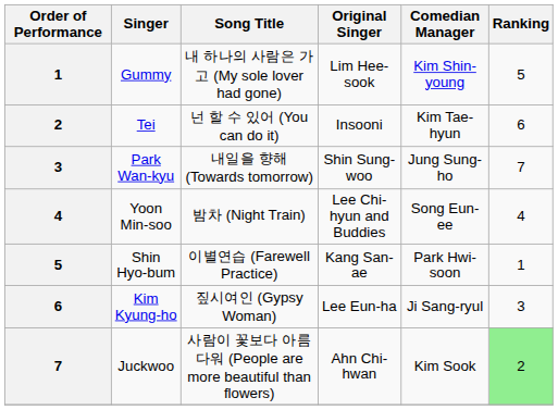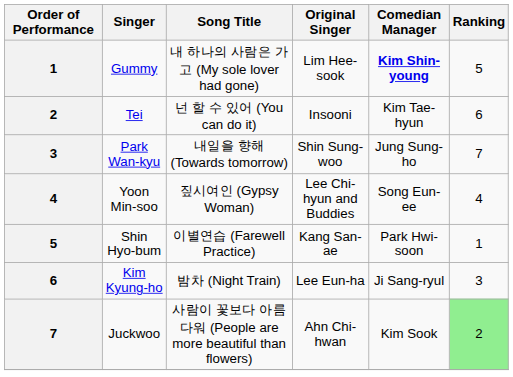 <table class="wikitable">
 <tr>
 <th>Order of Performance</th>
 <th>Singer</th>
 <th>Song Title</th>
 <th>Original Singer</th>
 <th>Comedian Manager</th>
 <th>Ranking</th>
 </tr>
 <tr align="center">
 <th>1</th>
 <td><a href='#'>Gummy</a></td>
 <td>내 하나의 사람은 가고 (My sole lover had gone)</td>
 <td>Lim Hee-sook</td>
-<td><a href='#'>Kim Shin-young</a></td>
+<td><strong><a href='#'>Kim Shin-young</a></strong></td>
 <td>5</td>
 </tr>
 <tr align="center">
 <th>2</th>
 <td><a href='#'>Tei</a></td>
 <td>넌 할 수 있어 (You can do it)</td>
 <td>Insooni</td>
 <td>Kim Tae-hyun</td>
 <td>6</td>
 </tr>
 <tr align="center">
 <th>3</th>
 <td><a href='#'>Park Wan-kyu</a></td>
 <td>내일을 향해 (Towards tomorrow)</td>
 <td>Shin Sung-woo</td>
 <td>Jung Sung-ho</td>
 <td>7</td>
 </tr>
 <tr align="center">
 <th>4</th>
 <td>Yoon Min-soo</td>
-<td>밤차 (Night Train)</td>
+<td>짚시여인 (Gypsy Woman)</td>
 <td>Lee Chi-hyun and Buddies</td>
 <td>Song Eun-ee</td>
 <td>4</td>
 </tr>
 <tr align="center">
 <th>5</th>
 <td>Shin Hyo-bum</td>
 <td>이별연습 (Farewell Practice)</td>
 <td>Kang San-ae</td>
 <td>Park Hwi-soon</td>
 <td>1</td>
 </tr>
 <tr align="center">
 <th>6</th>
 <td><a href='#'>Kim Kyung-ho</a></td>
-<td>짚시여인 (Gypsy Woman)</td>
+<td>밤차 (Night Train)</td>
 <td>Lee Eun-ha</td>
 <td>Ji Sang-ryul</td>
 <td>3</td>
 </tr>
 <tr align="center">
 <th>7</th>
 <td>Juckwoo</td>
 <td>사람이 꽃보다 아름다워 (People are more beautiful than flowers)</td>
 <td>Ahn Chi-hwan</td>
 <td>Kim Sook</td>
 <td style="background: lightgreen;">2</td>
 </tr>
 <tr>
 </tr>
 </table>
